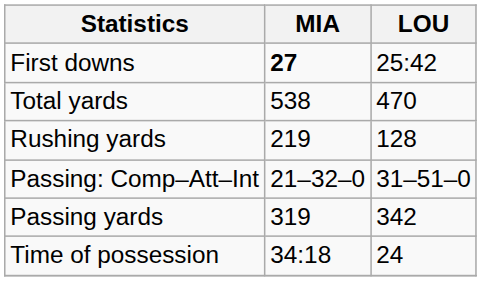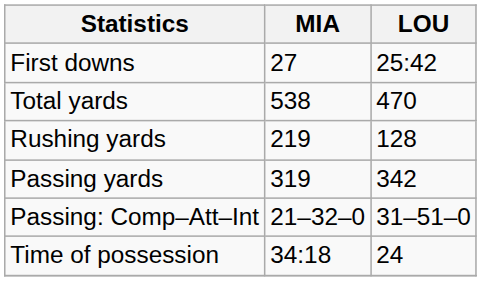 <table class="wikitable" style="float: left;">
 <tr>
 <th>Statistics</th>
 <th>MIA</th>
 <th>LOU</th>
 </tr>
 <tr>
 <td>First downs</td>
-<td><strong>27</strong></td>
+<td>27</td>
 <td>25:42</td>
 </tr>
 <tr>
 <td>Total yards</td>
 <td>538</td>
 <td>470</td>
 </tr>
 <tr>
 <td>Rushing yards</td>
 <td>219</td>
 <td>128</td>
 </tr>
 <tr>
+<td>Passing yards</td>
+<td>319</td>
+<td>342</td>
+</tr>
+<tr>
 <td>Passing: Comp–Att–Int</td>
 <td>21–32–0</td>
 <td>31–51–0</td>
-</tr>
-<tr>
-<td>Passing yards</td>
-<td>319</td>
-<td>342</td>
 </tr>
 <tr>
 <td>Time of possession</td>
 <td>34:18</td>
 <td>24</td>
 </tr>
 <tr>
 </tr>
 </table>
